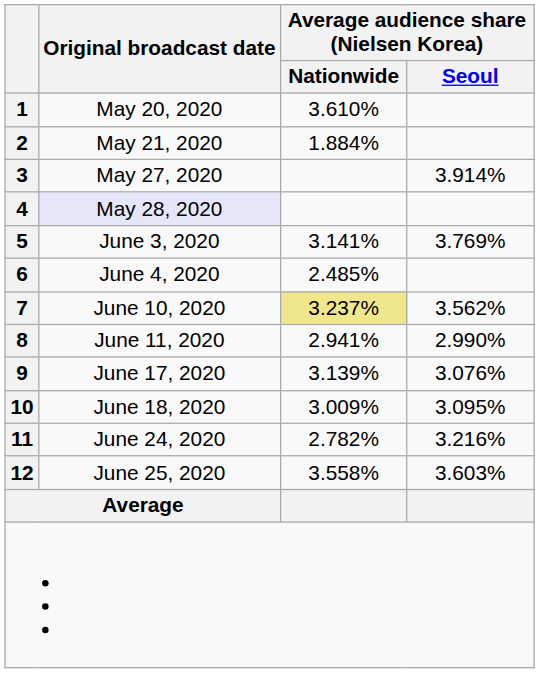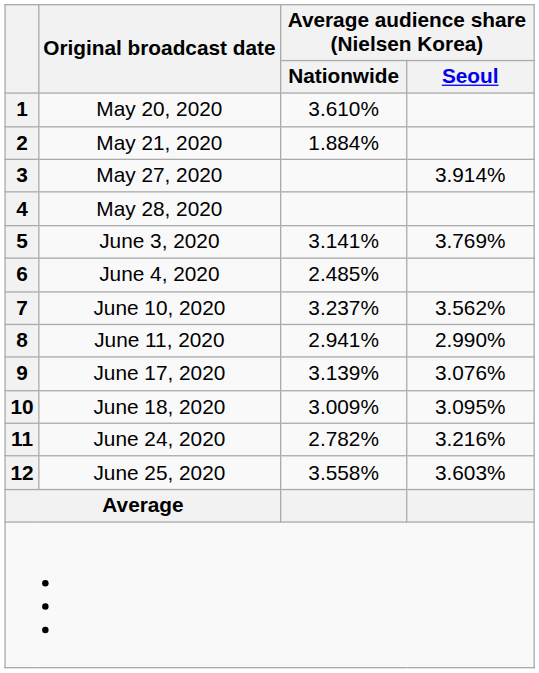 <table class="wikitable" style="text-align:center;max-width:450px; margin-left: auto; margin-right: auto; border: none;">
 <tr>
 </tr>
 <tr>
 <th rowspan="2"></th>
 <th rowspan="2">Original broadcast date</th>
 <th colspan="2">Average audience share<br>(Nielsen Korea)</th>
 </tr>
 <tr>
 <th width="90">Nationwide</th>
 <th width="90"><a href='#'>Seoul</a></th>
 </tr>
 <tr>
 <th>1</th>
 <td>May 20, 2020</td>
 <td>3.610%</td>
 <td></td>
 </tr>
 <tr>
 <th>2</th>
 <td>May 21, 2020</td>
 <td>1.884%</td>
 <td></td>
 </tr>
 <tr>
 <th>3</th>
 <td>May 27, 2020</td>
 <td></td>
 <td>3.914%</td>
 </tr>
 <tr>
 <th>4</th>
-<td style="background: lavender;">May 28, 2020</td>
+<td>May 28, 2020</td>
 <td></td>
 <td></td>
 </tr>
 <tr>
 <th>5</th>
 <td>June 3, 2020</td>
 <td>3.141%</td>
 <td>3.769%</td>
 </tr>
 <tr>
 <th>6</th>
 <td>June 4, 2020</td>
 <td>2.485%</td>
 <td></td>
 </tr>
 <tr>
 <th>7</th>
 <td>June 10, 2020</td>
-<td style="background: khaki;">3.237%</td>
+<td>3.237%</td>
 <td>3.562%</td>
 </tr>
 <tr>
 <th>8</th>
 <td>June 11, 2020</td>
 <td>2.941%</td>
 <td>2.990%</td>
 </tr>
 <tr>
 <th>9</th>
 <td>June 17, 2020</td>
 <td>3.139%</td>
 <td>3.076%</td>
 </tr>
 <tr>
 <th>10</th>
 <td>June 18, 2020</td>
 <td>3.009%</td>
 <td>3.095%</td>
 </tr>
 <tr>
 <th>11</th>
 <td>June 24, 2020</td>
 <td>2.782%</td>
 <td>3.216%</td>
 </tr>
 <tr>
 <th>12</th>
 <td>June 25, 2020</td>
 <td>3.558%</td>
 <td>3.603%</td>
 </tr>
 <tr>
 <th colspan="2">Average</th>
 <th></th>
 <th></th>
 </tr>
 <tr>
 <td colspan="6"><br><ul><li></li><li></li><li></li></ul></td>
 </tr>
 </table>
